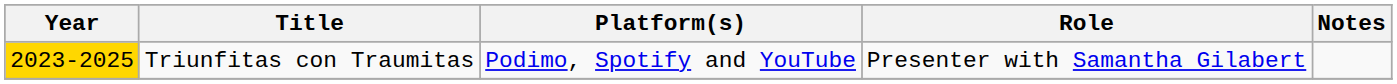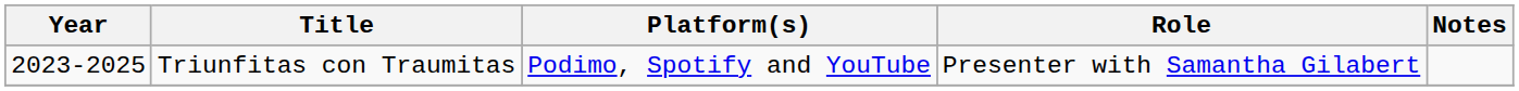 <table class="wikitable plainrowheaders" style="text-align:left;">
 <tr>
 <th>Year</th>
 <th>Title</th>
 <th>Platform(s)</th>
 <th>Role</th>
 <th>Notes</th>
 </tr>
 <tr>
-<td style="background: gold;">2023-2025</td>
+<td>2023-2025</td>
 <td>Triunfitas con Traumitas</td>
 <td><a href='#'>Podimo</a>, <a href='#'>Spotify</a> and <a href='#'>YouTube</a></td>
 <td>Presenter with <a href='#'>Samantha Gilabert</a></td>
 <td></td>
 </tr>
 <tr>
 </tr>
 </table>
